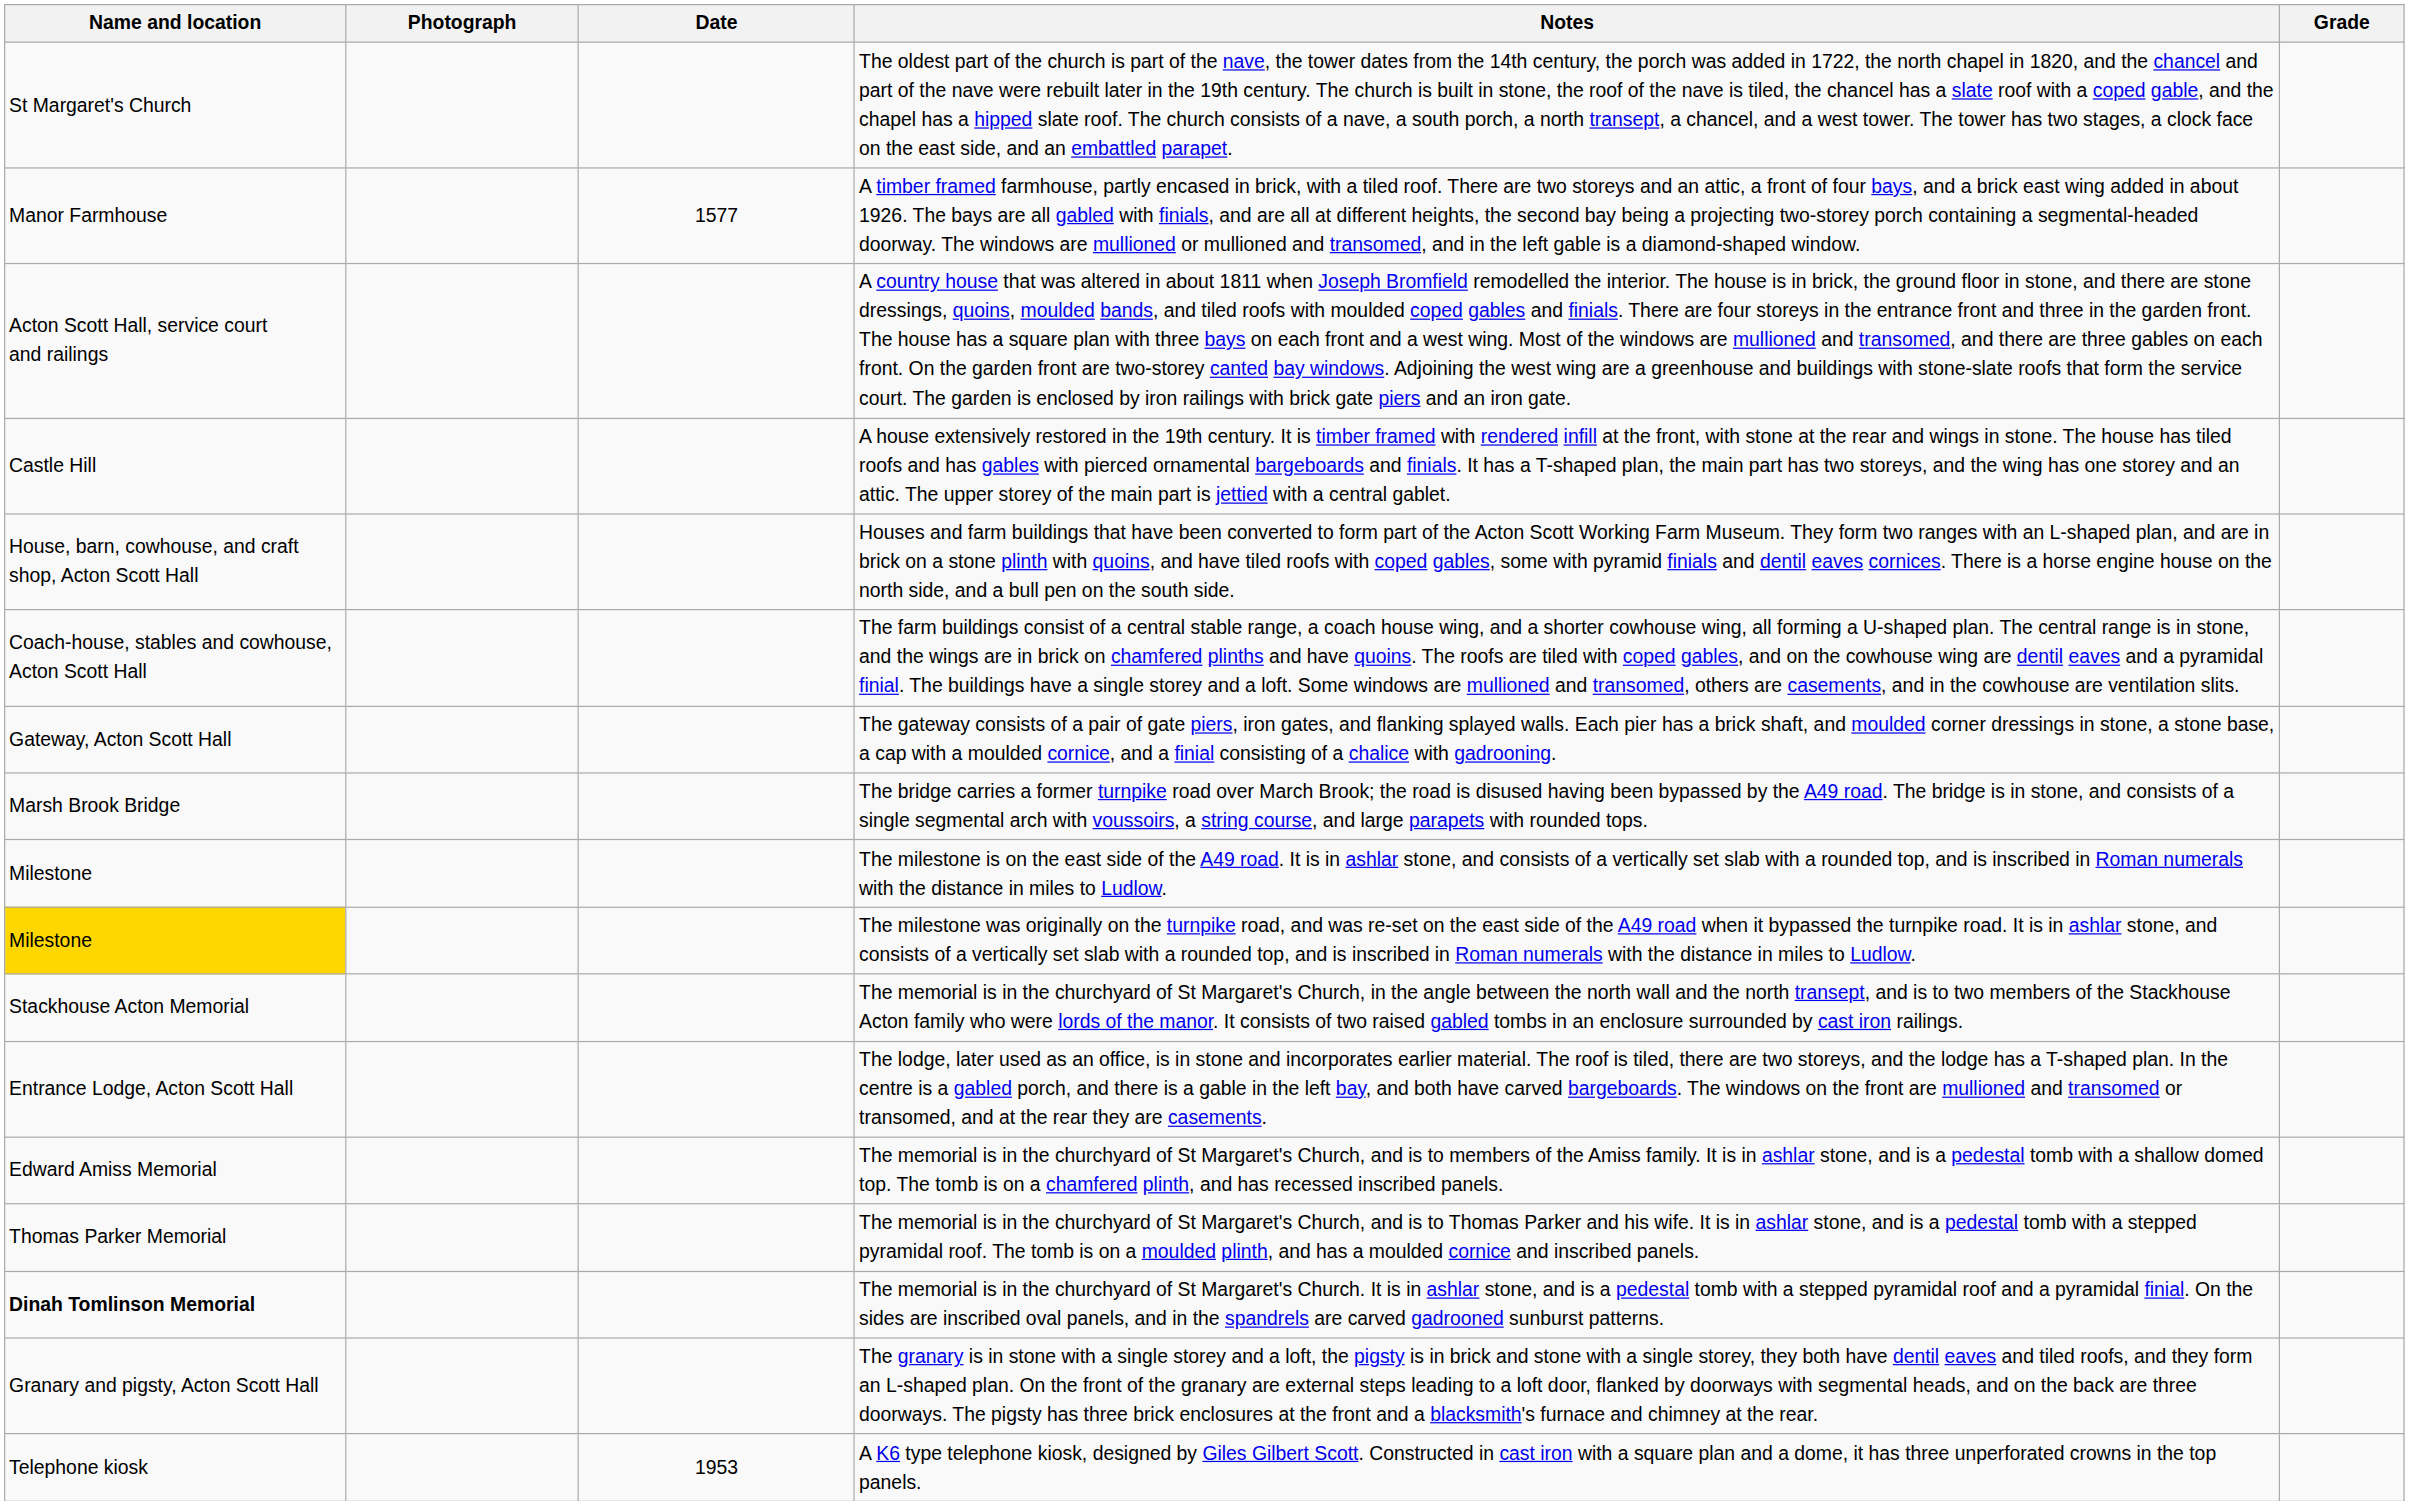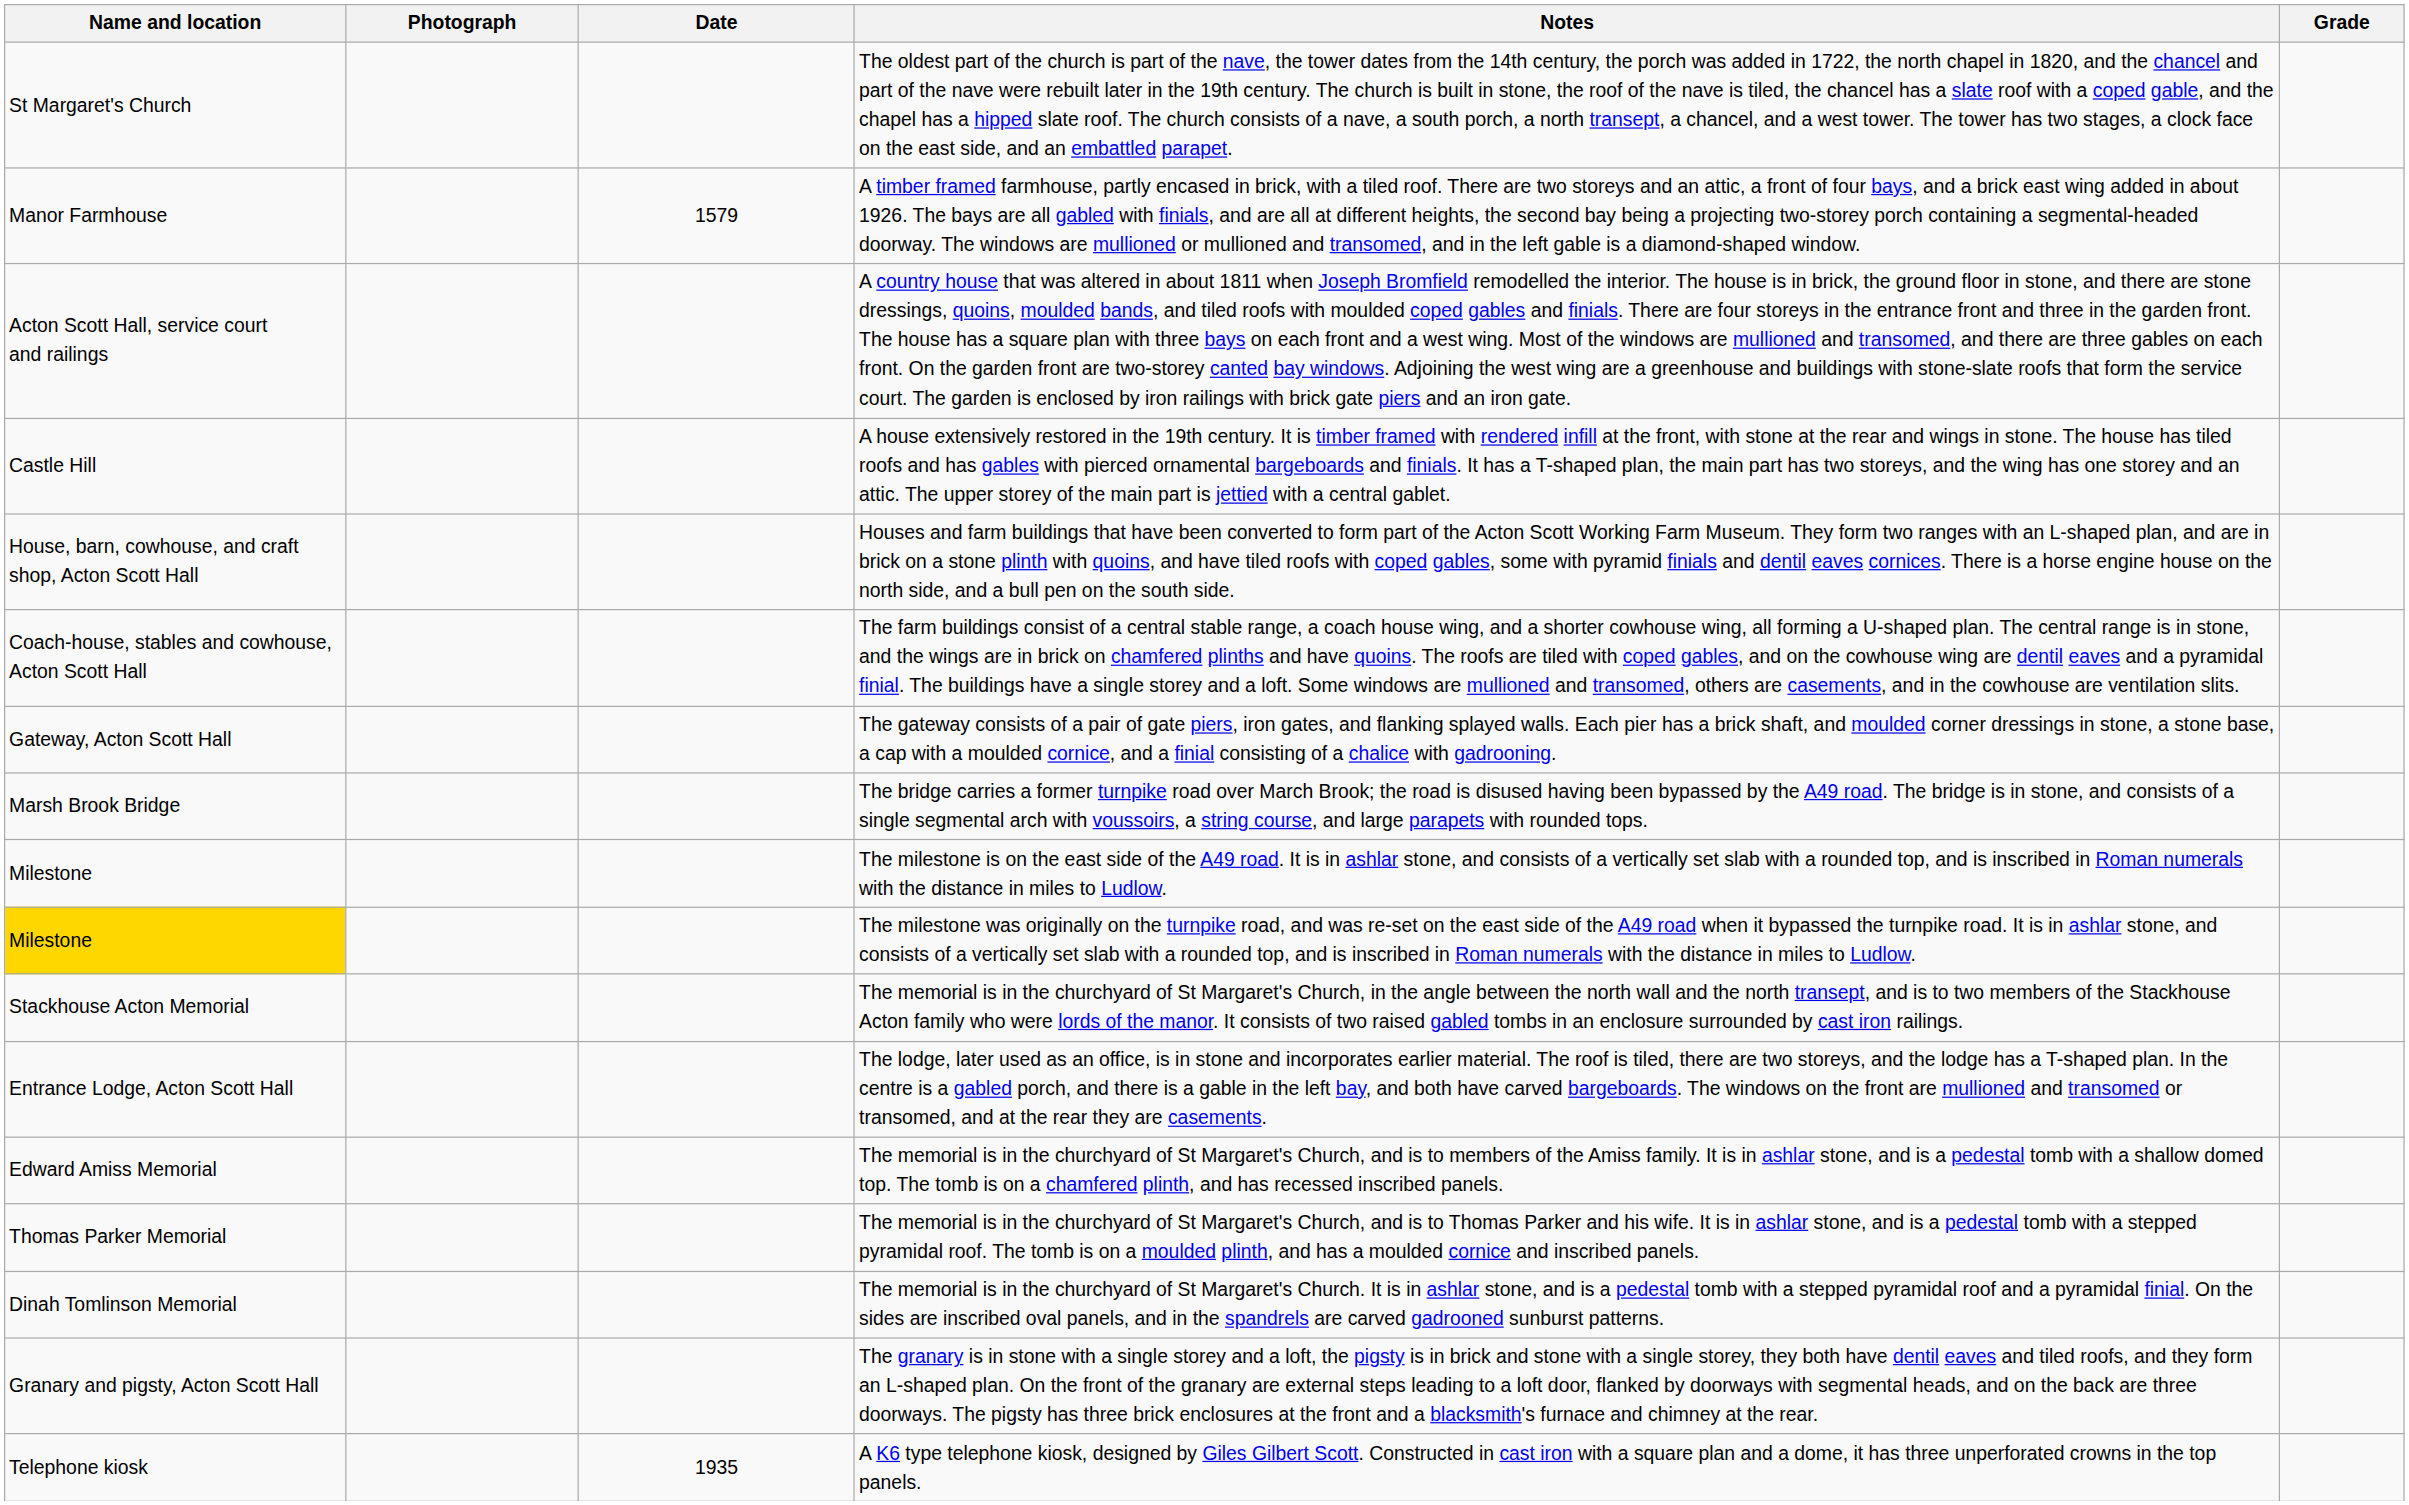 <table class="wikitable sortable plainrowheaders" style="width:100%; border:0; text-align:left; line-height:150%;">
 <tr>
 <th scope="col"  style="width:150px">Name and location</th>
 <th scope="col"  style="width:100px" class="unsortable">Photograph</th>
 <th scope="col"  style="width:120px">Date</th>
 <th scope="col"  style="width:650px" class="unsortable">Notes</th>
 <th scope="col"  style="width:50px">Grade</th>
 </tr>
 <tr>
 <td>St Margaret's Church<br><small></small></td>
 <td></td>
 <td align="center"></td>
 <td>The oldest part of the church is part of the <a href='#'>nave</a>, the tower dates from the 14th century, the porch was added in 1722, the north chapel in 1820, and the <a href='#'>chancel</a> and part of the nave were rebuilt later in the 19th century.  The church is built in stone, the roof of the nave is tiled, the chancel has a <a href='#'>slate</a> roof with a <a href='#'>coped</a> <a href='#'>gable</a>, and the chapel has a <a href='#'>hipped</a> slate roof.  The church consists of a nave, a south porch, a north <a href='#'>transept</a>, a chancel, and a west tower.  The tower has two stages, a clock face on the east side, and an <a href='#'>embattled</a> <a href='#'>parapet</a>.</td>
 <td align="center" ></td>
 </tr>
 <tr>
 <td>Manor Farmhouse<br><small></small></td>
 <td></td>
-<td align="center">1577</td>
+<td align="center">1579</td>
 <td>A <a href='#'>timber framed</a> farmhouse, partly encased in brick, with a tiled roof.  There are two storeys and an attic, a front of four <a href='#'>bays</a>, and a brick east wing added in about 1926.  The bays are all <a href='#'>gabled</a> with <a href='#'>finials</a>, and are all at different heights, the second bay being a projecting two-storey porch containing a segmental-headed doorway.  The windows are <a href='#'>mullioned</a> or mullioned and <a href='#'>transomed</a>, and in the left gable is a diamond-shaped window.</td>
 <td align="center" ></td>
 </tr>
 <tr>
 <td>Acton Scott Hall, service court<br>and railings<br><small></small></td>
 <td></td>
 <td align="center"></td>
 <td>A <a href='#'>country house</a> that was altered in about 1811 when <a href='#'>Joseph Bromfield</a> remodelled the interior.  The house is in brick, the ground floor in stone, and there are stone dressings, <a href='#'>quoins</a>, <a href='#'>moulded</a> <a href='#'>bands</a>, and tiled roofs with moulded <a href='#'>coped</a> <a href='#'>gables</a> and <a href='#'>finials</a>.  There are four storeys in the entrance front and three in the garden front.  The house has a square plan with three <a href='#'>bays</a> on each front and a west wing.  Most of the windows are <a href='#'>mullioned</a> and <a href='#'>transomed</a>, and there are three gables on each front.  On the garden front are two-storey <a href='#'>canted</a> <a href='#'>bay windows</a>.  Adjoining the west wing are a greenhouse and buildings with stone-slate roofs that form the service court.  The garden is enclosed by iron railings with brick gate <a href='#'>piers</a> and an iron gate.</td>
 <td align="center" ></td>
 </tr>
 <tr>
 <td>Castle Hill<br><small></small></td>
 <td></td>
 <td align="center"></td>
 <td>A house extensively restored in the 19th century.  It is <a href='#'>timber framed</a> with <a href='#'>rendered</a> <a href='#'>infill</a> at the front, with stone at the rear and wings in stone.  The house has tiled roofs and has <a href='#'>gables</a> with pierced ornamental <a href='#'>bargeboards</a> and <a href='#'>finials</a>.  It has a T-shaped plan, the main part has two storeys, and the wing has one storey and an attic.  The upper storey of the main part is <a href='#'>jettied</a> with a central gablet.</td>
 <td align="center" ></td>
 </tr>
 <tr>
 <td>House, barn, cowhouse, and craft shop, Acton Scott Hall<br><small></small></td>
 <td></td>
 <td align="center"></td>
 <td>Houses and farm buildings that have been converted to form part of the Acton Scott Working Farm Museum.  They form two ranges with an L-shaped plan, and are in brick on a stone <a href='#'>plinth</a> with <a href='#'>quoins</a>, and have tiled roofs with <a href='#'>coped</a> <a href='#'>gables</a>, some with pyramid <a href='#'>finials</a> and <a href='#'>dentil</a> <a href='#'>eaves</a> <a href='#'>cornices</a>.  There is a horse engine house on the north side, and a bull pen on the south side.</td>
 <td align="center" ></td>
 </tr>
 <tr>
 <td>Coach-house, stables and cowhouse, Acton Scott Hall<br><small></small></td>
 <td></td>
 <td align="center"></td>
 <td>The farm buildings consist of a central stable range, a coach house wing, and a shorter cowhouse wing, all forming a U-shaped plan.  The central range is in stone, and the wings are in brick on <a href='#'>chamfered</a> <a href='#'>plinths</a> and have <a href='#'>quoins</a>.  The roofs are tiled with <a href='#'>coped</a> <a href='#'>gables</a>, and on the cowhouse wing are <a href='#'>dentil</a> <a href='#'>eaves</a> and a pyramidal <a href='#'>finial</a>.  The buildings have a single storey and a loft.  Some windows are <a href='#'>mullioned</a> and <a href='#'>transomed</a>, others are <a href='#'>casements</a>, and in the cowhouse are ventilation slits.</td>
 <td align="center" ></td>
 </tr>
 <tr>
 <td>Gateway, Acton Scott Hall<br><small></small></td>
 <td></td>
 <td align="center"></td>
 <td>The gateway consists of a pair of gate <a href='#'>piers</a>, iron gates, and flanking splayed walls.  Each pier has a brick shaft, and <a href='#'>moulded</a> corner dressings in stone, a stone base, a cap with a moulded <a href='#'>cornice</a>, and a <a href='#'>finial</a> consisting of a <a href='#'>chalice</a> with <a href='#'>gadrooning</a>.</td>
 <td align="center" ></td>
 </tr>
 <tr>
 <td>Marsh Brook Bridge<br><small></small></td>
 <td></td>
 <td align="center"></td>
 <td>The bridge carries a former <a href='#'>turnpike</a> road over March Brook; the road is disused having been bypassed by the <a href='#'>A49 road</a>.  The bridge is in stone, and consists of a single segmental arch with <a href='#'>voussoirs</a>, a <a href='#'>string course</a>, and large <a href='#'>parapets</a> with rounded tops.</td>
 <td align="center" ></td>
 </tr>
 <tr>
 <td>Milestone<br><small></small></td>
 <td></td>
 <td align="center"></td>
 <td>The milestone is on the east side of the <a href='#'>A49 road</a>.  It is in <a href='#'>ashlar</a> stone, and consists of a vertically set slab with a rounded top, and is inscribed in <a href='#'>Roman numerals</a> with the distance in miles to <a href='#'>Ludlow</a>.</td>
 <td align="center" ></td>
 </tr>
 <tr>
 <td style="background: gold;">Milestone<br><small></small></td>
 <td></td>
 <td align="center"></td>
 <td>The milestone was originally on the <a href='#'>turnpike</a> road, and was re-set on the east side of the <a href='#'>A49 road</a> when it bypassed the turnpike road.  It is in <a href='#'>ashlar</a> stone, and consists of a vertically set slab with a rounded top, and is inscribed in <a href='#'>Roman numerals</a> with the distance in miles to <a href='#'>Ludlow</a>.</td>
 <td align="center" ></td>
 </tr>
 <tr>
 <td>Stackhouse Acton Memorial<br><small></small></td>
 <td></td>
 <td align="center"></td>
 <td>The memorial is in the churchyard of St Margaret's Church, in the angle between the north wall and the north <a href='#'>transept</a>, and is to two members of the Stackhouse Acton family who were <a href='#'>lords of the manor</a>.  It consists of two raised <a href='#'>gabled</a> tombs in an enclosure surrounded by <a href='#'>cast iron</a> railings.</td>
 <td align="center" ></td>
 </tr>
 <tr>
 <td>Entrance Lodge, Acton Scott Hall<br><small></small></td>
 <td></td>
 <td align="center"></td>
 <td>The lodge, later used as an office, is in stone and incorporates earlier material.  The roof is tiled, there are two storeys, and the lodge has a T-shaped plan.  In the centre is a <a href='#'>gabled</a> porch, and there is a gable in the left <a href='#'>bay</a>, and both have carved <a href='#'>bargeboards</a>.  The windows on the front are <a href='#'>mullioned</a> and <a href='#'>transomed</a> or transomed, and at the rear they are <a href='#'>casements</a>.</td>
 <td align="center" ></td>
 </tr>
 <tr>
 <td>Edward Amiss Memorial<br><small></small></td>
 <td></td>
 <td align="center"></td>
 <td>The memorial is in the churchyard of St Margaret's Church, and is to members of the Amiss family.  It is in <a href='#'>ashlar</a> stone, and is a <a href='#'>pedestal</a> tomb with a shallow domed top.  The tomb is on a <a href='#'>chamfered</a> <a href='#'>plinth</a>, and has recessed inscribed panels.</td>
 <td align="center" ></td>
 </tr>
 <tr>
 <td>Thomas Parker Memorial<br><small></small></td>
 <td></td>
 <td align="center"></td>
 <td>The memorial is in the churchyard of St Margaret's Church, and is to Thomas Parker and his wife. It is in <a href='#'>ashlar</a> stone, and is a <a href='#'>pedestal</a> tomb with a stepped pyramidal roof.  The tomb is on a <a href='#'>moulded</a> <a href='#'>plinth</a>, and has a moulded <a href='#'>cornice</a> and inscribed panels.</td>
 <td align="center" ></td>
 </tr>
 <tr>
-<td><strong>Dinah Tomlinson Memorial<br><small></small></strong></td>
+<td>Dinah Tomlinson Memorial<br><small></small></td>
 <td></td>
 <td align="center"></td>
 <td>The memorial is in the churchyard of St Margaret's Church.  It is in <a href='#'>ashlar</a> stone, and is a <a href='#'>pedestal</a> tomb with a stepped pyramidal roof and a pyramidal <a href='#'>finial</a>.  On the sides are inscribed oval panels, and in the <a href='#'>spandrels</a> are carved <a href='#'>gadrooned</a> sunburst patterns.</td>
 <td align="center" ></td>
 </tr>
 <tr>
 <td>Granary and pigsty, Acton Scott Hall<br><small></small></td>
 <td></td>
 <td align="center"></td>
 <td>The <a href='#'>granary</a> is in stone with a single storey and a loft, the <a href='#'>pigsty</a> is in brick and stone with a single storey, they both have <a href='#'>dentil</a> <a href='#'>eaves</a> and tiled roofs, and they form an L-shaped plan.  On the front of the granary are external steps leading to a loft door, flanked by doorways with segmental heads, and on the back are three doorways.  The pigsty has three brick enclosures at the front and a <a href='#'>blacksmith</a>'s furnace and chimney at the rear.</td>
 <td align="center" ></td>
 </tr>
 <tr>
 <td>Telephone kiosk<br><small></small></td>
 <td></td>
-<td align="center">1953</td>
+<td align="center">1935</td>
 <td>A <a href='#'>K6</a> type telephone kiosk, designed by <a href='#'>Giles Gilbert Scott</a>.  Constructed in <a href='#'>cast iron</a> with a square plan and a dome, it has three unperforated crowns in the top panels.</td>
 <td align="center" ></td>
 </tr>
 <tr>
 </tr>
 </table>
